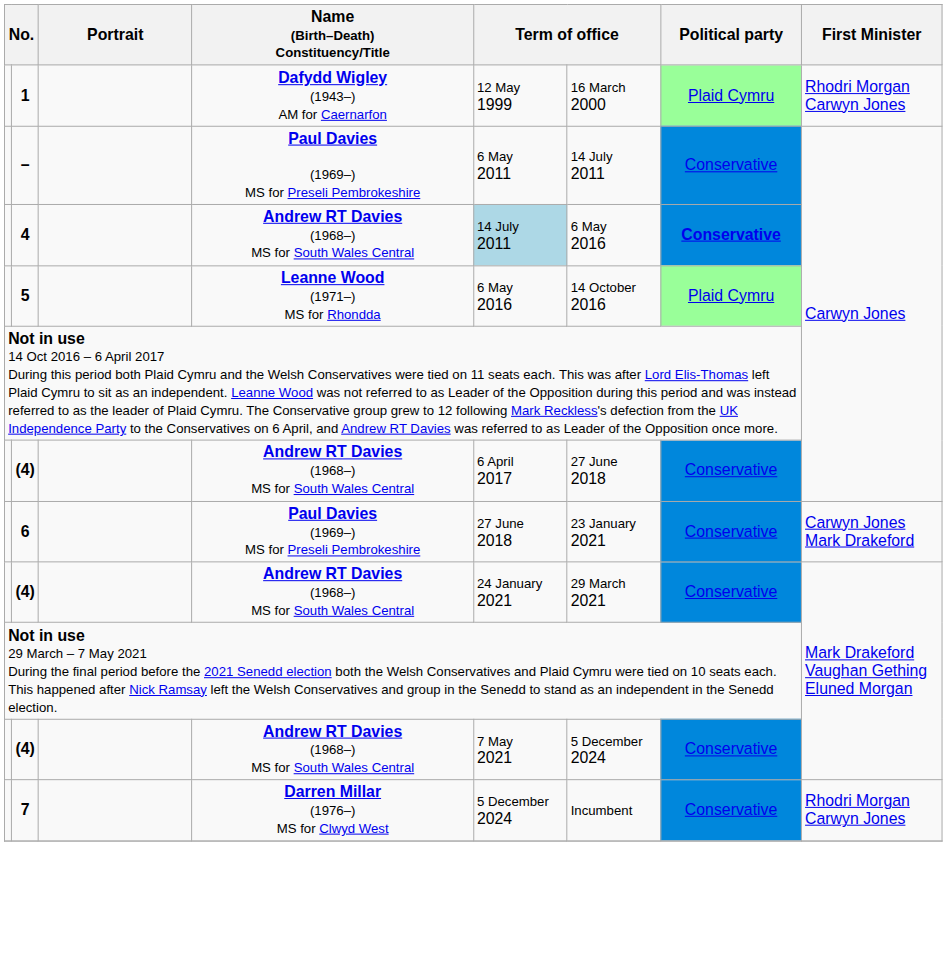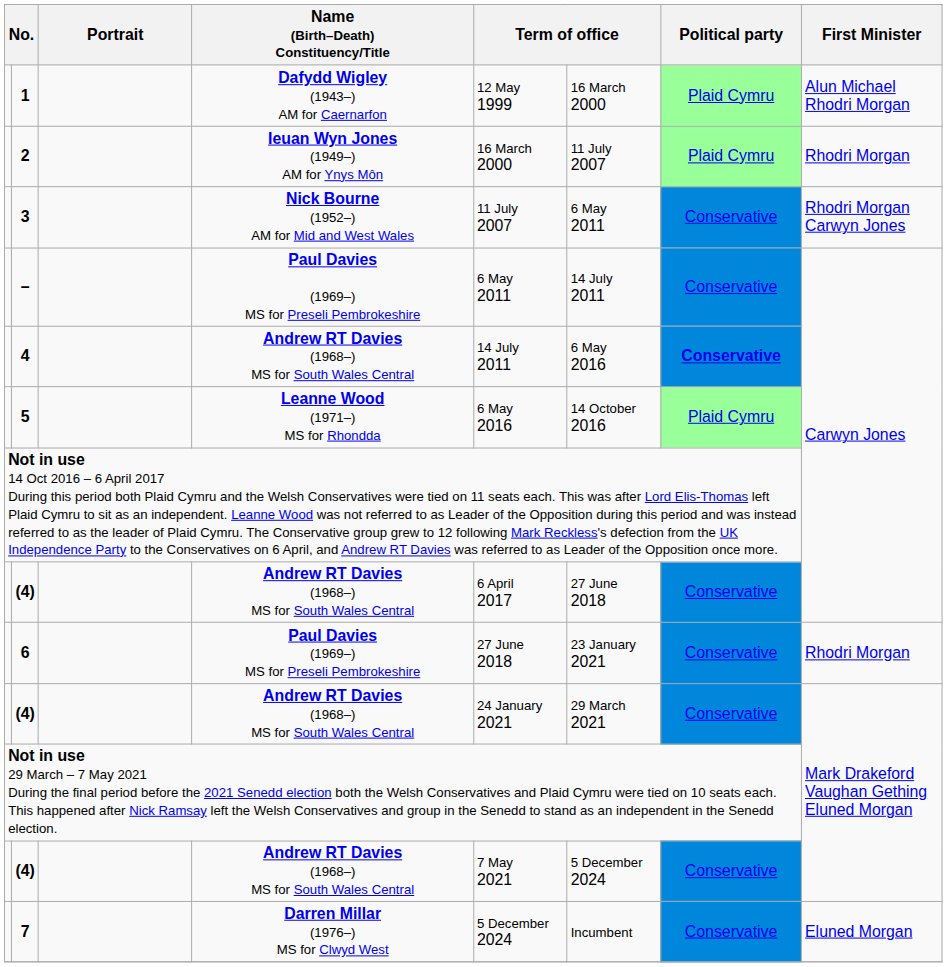 <table class="wikitable" width=75%>
 <tr>
 <th colspan="2" width=2%>No.</th>
 <th width=50>Portrait</th>
 <th width=30%>Name<br><small>(Birth–Death)<br>Constituency/Title</small></th>
 <th colspan="2" width=20%>Term of office</th>
 <th width=15%>Political party</th>
 <th width=15%>First Minister</th>
 </tr>
 <tr>
 <td style="background-color: "></td>
 <td align="center"><strong>1</strong></td>
 <td align="center"></td>
 <td align="center"><strong><a href='#'>Dafydd Wigley</a></strong><br><small>(1943–)<br>AM for <a href='#'>Caernarfon</a></small></td>
 <td><small>12 May</small><br>1999</td>
 <td><small>16 March</small><br>2000</td>
 <td style="background:#9f9;" align="center"><a href='#'>Plaid Cymru</a></td>
+<td><a href='#'>Alun Michael</a><br>  <a href='#'>Rhodri Morgan</a></td>
+</tr>
+<tr>
+<td style="background-color: "></td>
+<td align="center"><strong>2</strong></td>
+<td align="center"></td>
+<td align="center"><strong><a href='#'>Ieuan Wyn Jones</a></strong><br><small>(1949–)<br>AM for <a href='#'>Ynys Môn</a></small></td>
+<td><small>16 March</small><br>2000</td>
+<td><small>11 July</small><br>2007</td>
+<td style="background:#9f9;" align="center"><a href='#'>Plaid Cymru</a></td>
+<td><a href='#'>Rhodri Morgan</a></td>
+</tr>
+<tr>
+<td style="background-color: "></td>
+<td align="center"><strong>3</strong></td>
+<td align="center"></td>
+<td align="center"><strong><a href='#'>Nick Bourne</a></strong><br><small>(1952–)<br>AM for <a href='#'>Mid and West Wales</a></small></td>
+<td><small>11 July</small><br>2007</td>
+<td><small>6 May</small><br>2011</td>
+<td style="background:#0087dc;" align="center"><a href='#'>Conservative</a></td>
 <td><a href='#'>Rhodri Morgan</a><br> <a href='#'>Carwyn Jones</a></td>
 </tr>
 <tr>
 <td style="background-color: "></td>
 <td align="center"><strong>–</strong></td>
 <td align="center"></td>
 <td align="center"><strong><a href='#'>Paul Davies</a><br></strong><br><small>(1969–)<br>MS for <a href='#'>Preseli Pembrokeshire</a></small></td>
 <td><small>6 May</small><br>2011</td>
 <td><small>14 July</small><br>2011</td>
 <td style="background:#0087dc;" align="center"><a href='#'>Conservative</a></td>
 <td rowspan="5"><a href='#'>Carwyn Jones</a></td>
 </tr>
 <tr>
 <td style="background-color: "></td>
 <td align="center"><strong>4</strong></td>
 <td align="center"></td>
 <td align="center"><strong><a href='#'>Andrew RT Davies</a></strong><br><small>(1968–)<br>MS for <a href='#'>South Wales Central</a></small></td>
-<td style="background: lightblue;"><small>14 July</small><br>2011</td>
+<td><small>14 July</small><br>2011</td>
 <td><small>6 May </small><br>2016</td>
 <td style="background:#0087dc;" align="center"><strong><a href='#'>Conservative</a></strong></td>
 </tr>
 <tr>
 <td style="background-color: "></td>
 <td align="center"><strong>5</strong></td>
 <td align="center"></td>
 <td align="center"><strong><a href='#'>Leanne Wood</a></strong><br><small>(1971–)<br>MS for <a href='#'>Rhondda</a></small></td>
 <td><small>6 May </small><br>2016</td>
 <td><small>14 October</small><br>2016</td>
 <td style="background:#9f9;" align="center"><a href='#'>Plaid Cymru</a></td>
 </tr>
 <tr>
 <td colspan="7" style="background-color: "><strong>Not in use</strong><br><small>14 Oct 2016 – 6 April 2017</small><br><small>During this period both Plaid Cymru and the Welsh Conservatives were tied on 11 seats each. This was after <a href='#'>Lord Elis-Thomas</a> left Plaid Cymru to sit as an independent. <a href='#'>Leanne Wood</a> was not referred to as Leader of the Opposition during this period and was instead referred to as the leader of Plaid Cymru. The Conservative group grew to 12 following <a href='#'>Mark Reckless</a>'s defection from the <a href='#'>UK Independence Party</a> to the Conservatives on 6 April, and <a href='#'>Andrew RT Davies</a> was referred to as Leader of the Opposition once more.</small></td>
 </tr>
 <tr>
 <td style="background-color: "></td>
 <td align="center"><strong>(4)</strong></td>
 <td align="center"></td>
 <td align="center"><strong><a href='#'>Andrew RT Davies</a></strong><br><small>(1968–)<br>MS for <a href='#'>South Wales Central</a></small></td>
 <td><small>6 April</small><br>2017</td>
 <td><small>27 June </small><br>2018</td>
 <td style="background:#0087dc;" align="center"><a href='#'>Conservative</a></td>
 </tr>
 <tr>
 <td style="background-color: "></td>
 <td align="center"><strong>6</strong></td>
 <td align="center"></td>
 <td align="center"><strong><a href='#'>Paul Davies</a></strong><br><small>(1969–)<br>MS for <a href='#'>Preseli Pembrokeshire</a></small></td>
 <td><small>27 June </small><br>2018 </td>
 <td><small>23 January</small><br>2021</td>
 <td style="background:#0087dc;" align="center"><a href='#'>Conservative</a></td>
-<td><a href='#'>Carwyn Jones</a> <br> <a href='#'>Mark Drakeford</a></td>
+<td><a href='#'>Rhodri Morgan</a></td>
 </tr>
 <tr>
 <td style="background-color: "></td>
 <td align="center"><strong>(4)</strong></td>
 <td align="center"></td>
 <td align="center"><strong><a href='#'>Andrew RT Davies</a></strong><br><small>(1968–)<br>MS for <a href='#'>South Wales Central</a></small></td>
 <td><small>24 January</small><br>2021</td>
 <td><small>29 March</small><br>2021</td>
 <td style="background:#0087dc;" align="center"><a href='#'>Conservative</a></td>
 <td rowspan="3"><a href='#'>Mark Drakeford</a><br><a href='#'>Vaughan Gething</a> <a href='#'>Eluned Morgan</a></td>
 </tr>
 <tr>
 <td colspan="7"><strong>Not in use</strong> <br><small>29 March – 7 May 2021</small><br><small>During the final period before the <a href='#'>2021 Senedd election</a> both the Welsh Conservatives and Plaid Cymru were tied on 10 seats each. This happened after <a href='#'>Nick Ramsay</a> left the Welsh Conservatives and group in the Senedd to stand as an independent in the Senedd election.</small></td>
 </tr>
 <tr>
 <td style="background-color: "></td>
 <td align="center"><strong>(4)</strong></td>
 <td align="center"></td>
 <td align="center"><strong><a href='#'>Andrew RT Davies</a></strong><br><small>(1968–)<br>MS for <a href='#'>South Wales Central</a></small></td>
 <td><small>7 May</small><br>2021</td>
 <td><small>5 December </small><br>2024</td>
 <td style="background:#0087dc;" align="center"><a href='#'>Conservative</a></td>
 </tr>
 <tr>
 <td style="background-color: "></td>
 <td align="center"><strong>7</strong></td>
 <td align="center"></td>
 <td align="center"><strong><a href='#'>Darren Millar</a></strong><br><small>(1976–)<br>MS for <a href='#'>Clwyd West</a></small></td>
 <td><small>5 December</small><br>2024</td>
 <td><small>Incumbent</small><br></td>
 <td style="background:#0087dc;" align="center"><a href='#'>Conservative</a></td>
-<td><a href='#'>Rhodri Morgan</a><br> <a href='#'>Carwyn Jones</a></td>
+<td><a href='#'>Eluned Morgan</a></td>
 </tr>
 <tr>
 </tr>
 </table>
